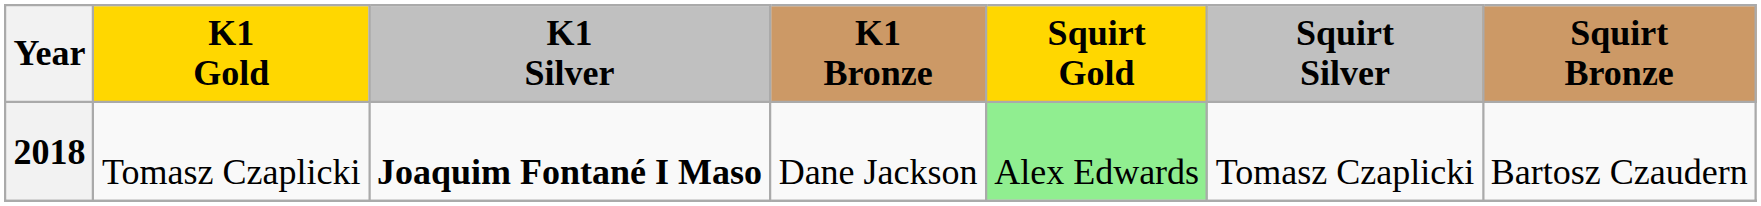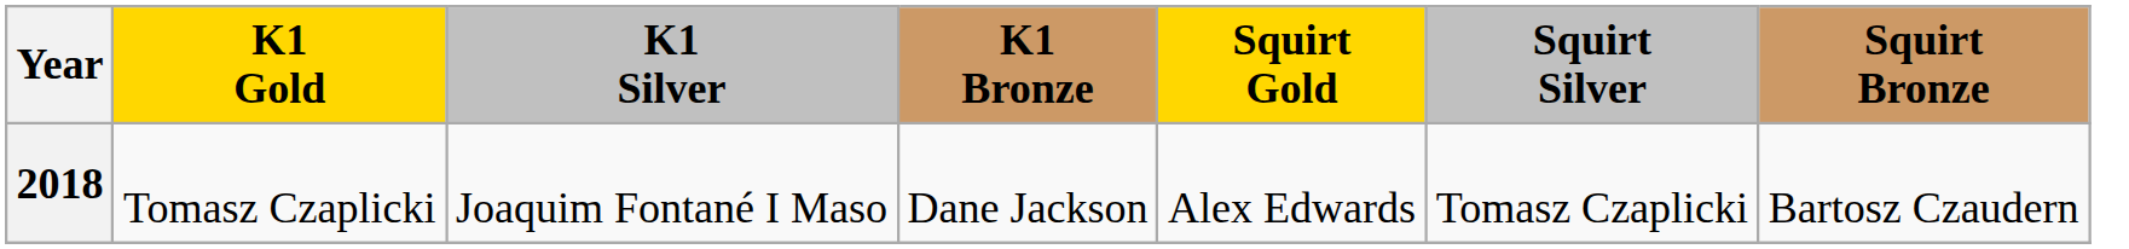 <table class="wikitable sortable">
 <tr>
 <th>Year</th>
 <th style="background:Gold">K1 <br> Gold</th>
 <th style="background:Silver">K1 <br> Silver</th>
 <th style="background:#c96">K1 <br> Bronze</th>
 <th style="background:Gold">Squirt <br> Gold</th>
 <th style="background:Silver">Squirt <br> Silver</th>
 <th style="background:#c96">Squirt <br> Bronze</th>
 </tr>
 <tr>
 <th>2018</th>
 <td> <br>Tomasz Czaplicki</td>
-<td><strong> <br>Joaquim Fontané I Maso</strong></td>
+<td> <br>Joaquim Fontané I Maso</td>
 <td> <br>Dane Jackson</td>
-<td style="background: lightgreen;"> <br>Alex Edwards</td>
+<td> <br>Alex Edwards</td>
 <td> <br>Tomasz Czaplicki</td>
 <td> <br>Bartosz Czaudern</td>
 </tr>
 <tr>
 </tr>
 <tr>
 </tr>
 </table>
